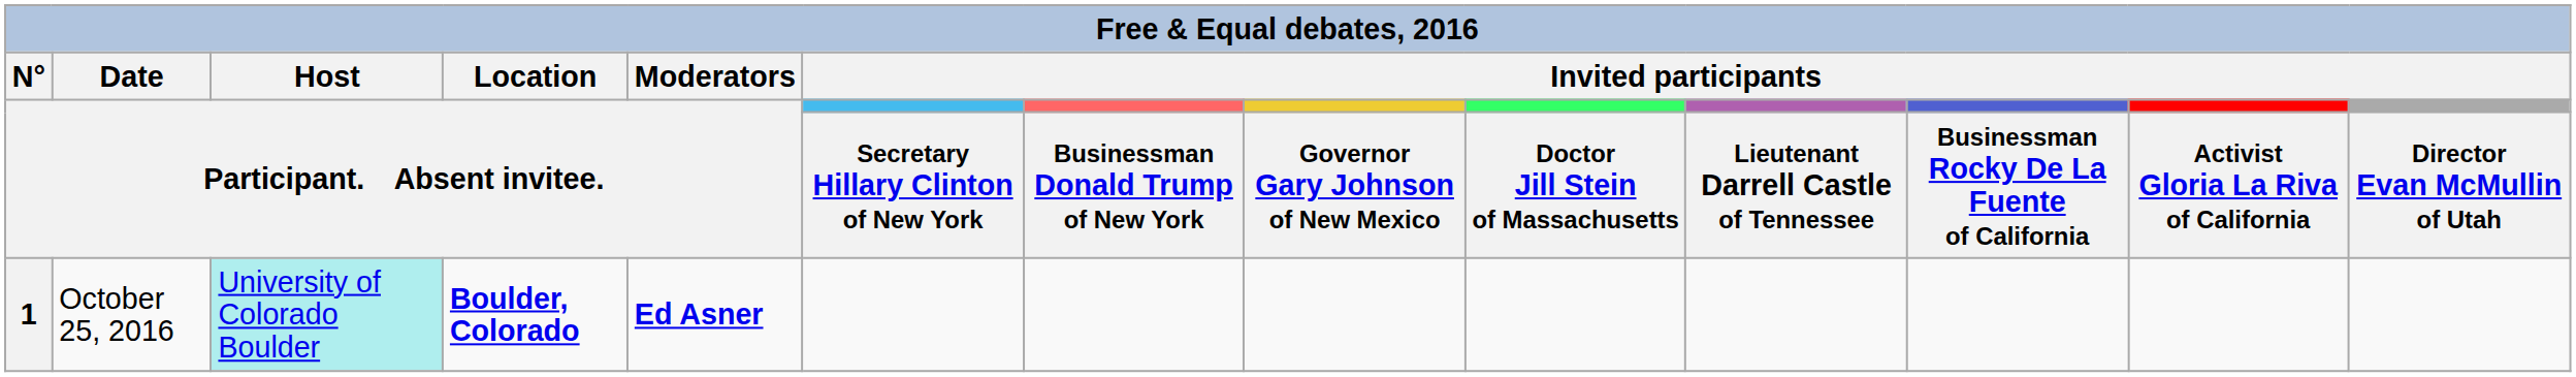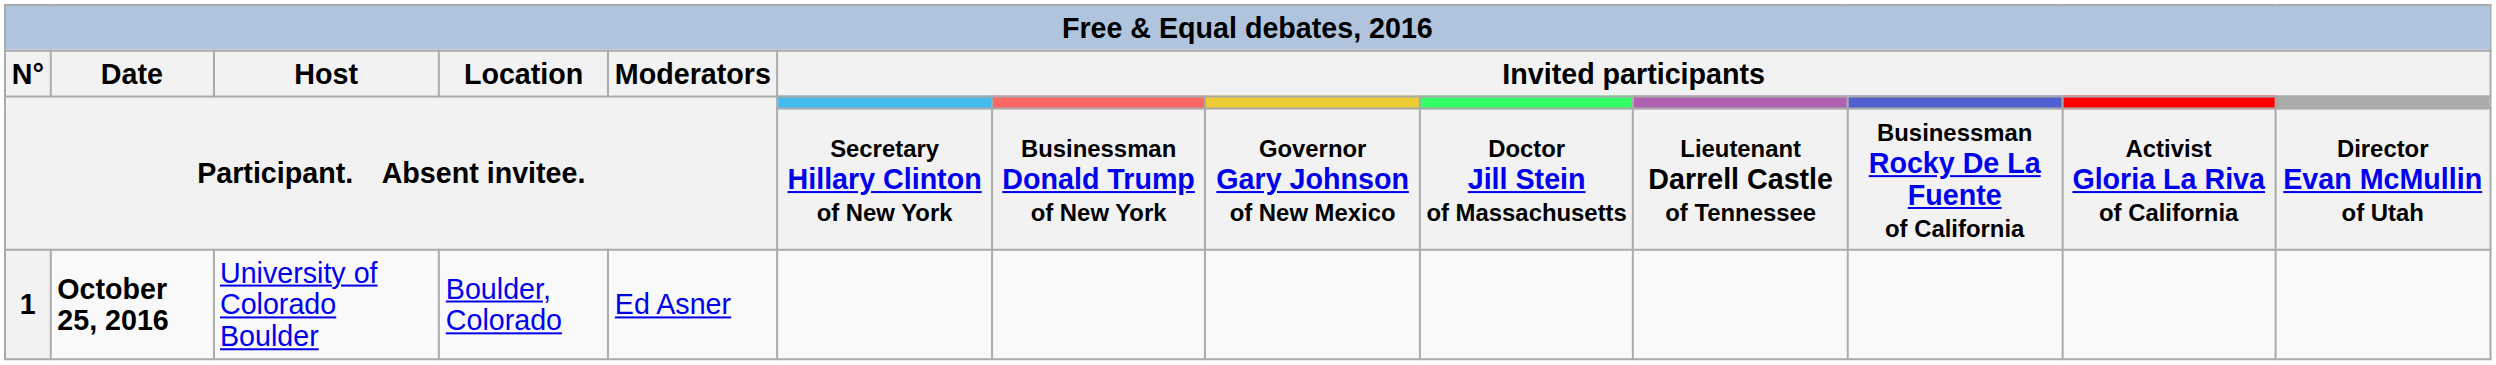 <table class="wikitable" style="font-size:90%">
 <tr>
 <th style="background:#B0C4DE" colspan="13">Free & Equal debates, 2016</th>
 </tr>
 <tr>
 <th>N°</th>
 <th>Date</th>
 <th>Host</th>
 <th>Location</th>
 <th>Moderators</th>
 <th scope="col" colspan="8">Invited participants</th>
 </tr>
 <tr>
 <th colspan="5" rowspan="2"> Participant.     Absent invitee.</th>
 <th scope="col" style="width:7em; background:#44BBEE;"><a href='#'></a></th>
 <th scope="col" style="width:7em; background:#FF6666;"><a href='#'></a></th>
 <th scope="col" style="width:7em; background:#EECC33;"><a href='#'></a></th>
 <th scope="col" style="width:7em; background:#33FF66;"><a href='#'></a></th>
 <th scope="col" style="width:7em; background:#AF60AF;"><a href='#'></a></th>
 <th scope="col" style="width:7em; background:#5060D0;"><a href='#'></a></th>
 <th scope="col" style="width:7em; background:#FF0000;"><a href='#'></a></th>
 <th scope="col" style="width:7em; background:#AAAAAA;"><em><a href='#'></a></em></th>
 </tr>
 <tr>
 <th><small>Secretary</small><br><a href='#'>Hillary Clinton</a><br><small>of New York</small></th>
 <th><small>Businessman</small><br><a href='#'>Donald Trump</a><br><small>of New York</small></th>
 <th><small>Governor</small><br><a href='#'>Gary Johnson</a><br><small>of New Mexico</small></th>
 <th><small>Doctor</small><br><a href='#'>Jill Stein</a><br><small>of Massachusetts</small></th>
 <th><small>Lieutenant</small><br>Darrell Castle<br><small>of Tennessee</small></th>
 <th><small>Businessman</small><br><a href='#'>Rocky De La Fuente</a><br><small>of California</small></th>
 <th><small>Activist</small><br><a href='#'>Gloria La Riva</a><br><small>of California</small></th>
 <th><small>Director</small><br><a href='#'>Evan McMullin</a><br><small>of Utah</small></th>
 </tr>
 <tr>
 <th><strong>1</strong></th>
-<td>October 25, 2016</td>
-<td style="background: paleturquoise;"><a href='#'>University of Colorado Boulder</a></td>
-<td><strong><a href='#'>Boulder, Colorado</a></strong></td>
-<td><strong><a href='#'>Ed Asner</a></strong></td>
+<td><strong>October 25, 2016</strong></td>
+<td><a href='#'>University of Colorado Boulder</a></td>
+<td><a href='#'>Boulder, Colorado</a></td>
+<td><a href='#'>Ed Asner</a></td>
 <td></td>
 <td></td>
 <td></td>
 <td></td>
 <td></td>
 <td></td>
 <td></td>
 <td></td>
 </tr>
 </table>
